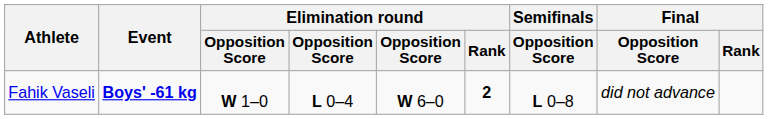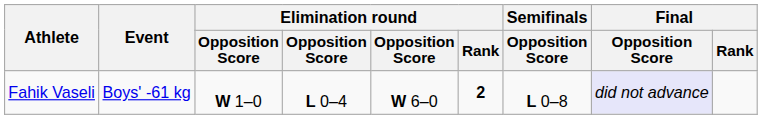 <table class="wikitable" style="font-size:90%">
 <tr>
 <th rowspan=2>Athlete</th>
 <th rowspan=2>Event</th>
 <th colspan=4>Elimination round</th>
 <th>Semifinals</th>
 <th colspan=2>Final</th>
 </tr>
 <tr style="font-size:95%">
 <th>Opposition<br>Score</th>
 <th>Opposition<br>Score</th>
 <th>Opposition<br>Score</th>
 <th>Rank</th>
 <th>Opposition<br>Score</th>
 <th>Opposition<br>Score</th>
 <th>Rank</th>
 </tr>
 <tr align=center>
 <td align=left><a href='#'>Fahik Vaseli</a></td>
-<td align=left><strong><a href='#'>Boys' -61 kg</a></strong></td>
+<td align=left><a href='#'>Boys' -61 kg</a></td>
 <td><br><strong>W</strong> 1–0</td>
 <td><br><strong>L</strong> 0–4</td>
 <td><br><strong>W</strong> 6–0</td>
 <td><strong>2</strong></td>
 <td><br><strong>L</strong> 0–8</td>
-<td><em>did not advance</em></td>
+<td style="background: lavender;"><em>did not advance</em></td>
 <td></td>
 </tr>
 </table>
